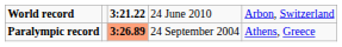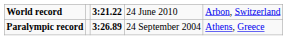 <table class="wikitable">
 <tr>
 <td><strong>World record</strong></td>
 <td></td>
 <td><strong>3:21.22 </strong></td>
 <td>24 June 2010</td>
 <td><a href='#'>Arbon</a>, <a href='#'>Switzerland</a></td>
 </tr>
 <tr>
 <td><strong>Paralympic record</strong></td>
 <td></td>
-<td style="background: lightsalmon;"><strong>3:26.89</strong></td>
+<td><strong>3:26.89</strong></td>
 <td>24 September 2004</td>
 <td><a href='#'>Athens</a>, <a href='#'>Greece</a></td>
 </tr>
 </table>
